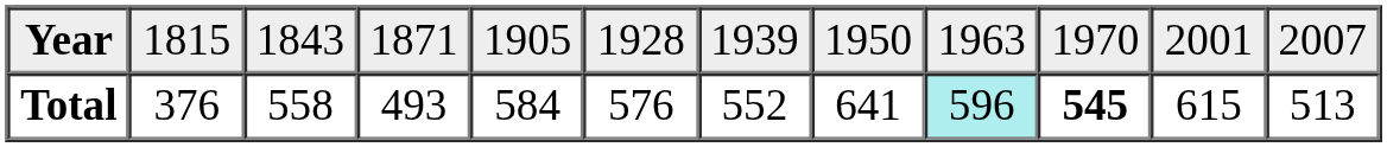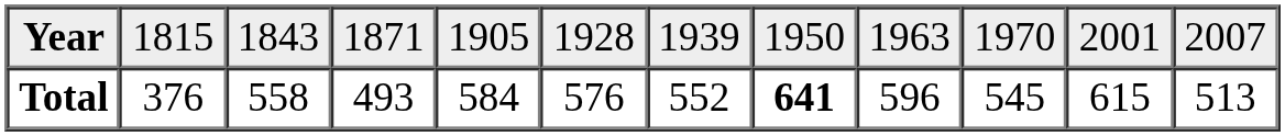 <table border="1" cellpadding="2" cellspacing="0" width="500">
 <tr bgcolor="#eeeeee" align="center">
 <td><strong>Year</strong></td>
 <td>1815</td>
 <td>1843</td>
 <td>1871</td>
 <td>1905</td>
 <td>1928</td>
 <td>1939</td>
 <td>1950</td>
 <td>1963</td>
 <td>1970</td>
 <td>2001</td>
 <td>2007</td>
 </tr>
 <tr align="center">
 <td><strong>Total</strong></td>
 <td>376</td>
 <td>558</td>
 <td>493</td>
 <td>584</td>
 <td>576</td>
 <td>552</td>
-<td>641</td>
-<td style="background: paleturquoise;">596</td>
-<td><strong>545</strong></td>
+<td><strong>641</strong></td>
+<td>596</td>
+<td>545</td>
 <td>615</td>
 <td>513</td>
 </tr>
 </table>
